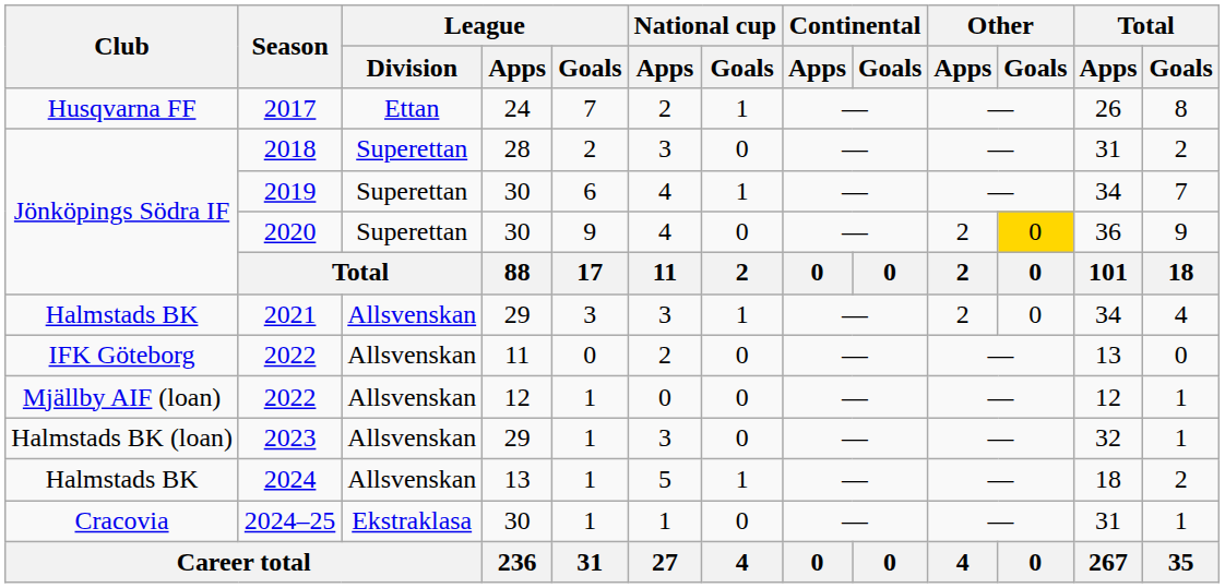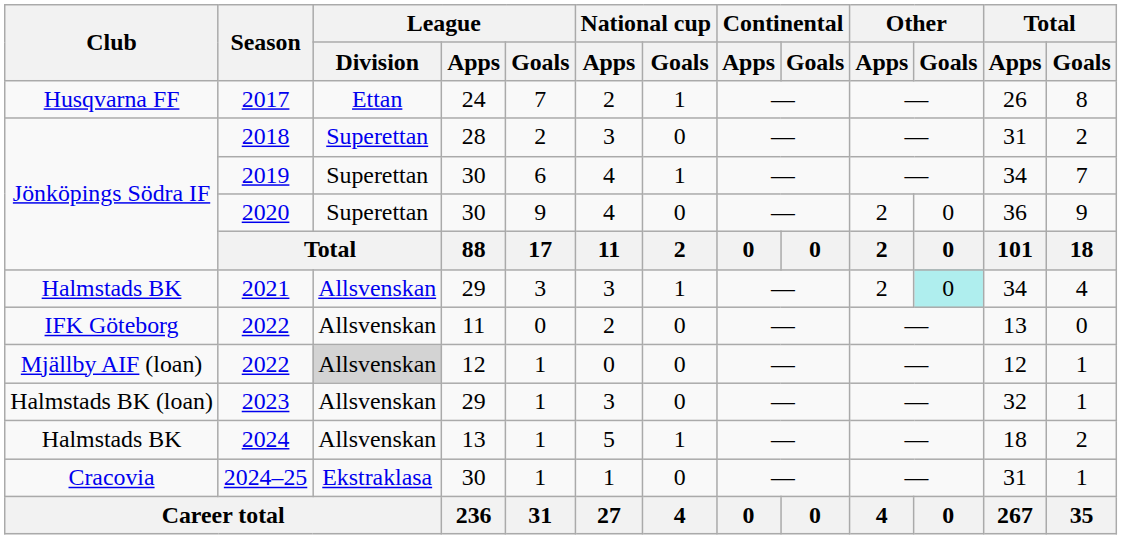 <table class="wikitable" Style="text-align: center">
 <tr>
 <th rowspan="2">Club</th>
 <th rowspan="2">Season</th>
 <th colspan="3">League</th>
 <th colspan="2">National cup</th>
 <th colspan="2">Continental</th>
 <th colspan="2">Other</th>
 <th colspan="2">Total</th>
 </tr>
 <tr>
 <th>Division</th>
 <th>Apps</th>
 <th>Goals</th>
 <th>Apps</th>
 <th>Goals</th>
 <th>Apps</th>
 <th>Goals</th>
 <th>Apps</th>
 <th>Goals</th>
 <th>Apps</th>
 <th>Goals</th>
 </tr>
 <tr>
 <td><a href='#'>Husqvarna FF</a></td>
 <td><a href='#'>2017</a></td>
 <td><a href='#'>Ettan</a></td>
 <td>24</td>
 <td>7</td>
 <td>2</td>
 <td>1</td>
 <td colspan="2">—</td>
 <td colspan="2">—</td>
 <td>26</td>
 <td>8</td>
 </tr>
 <tr>
 <td rowspan="4"><a href='#'>Jönköpings Södra IF</a></td>
 <td><a href='#'>2018</a></td>
 <td><a href='#'>Superettan</a></td>
 <td>28</td>
 <td>2</td>
 <td>3</td>
 <td>0</td>
 <td colspan="2">—</td>
 <td colspan="2">—</td>
 <td>31</td>
 <td>2</td>
 </tr>
 <tr>
 <td><a href='#'>2019</a></td>
 <td>Superettan</td>
 <td>30</td>
 <td>6</td>
 <td>4</td>
 <td>1</td>
 <td colspan="2">—</td>
 <td colspan="2">—</td>
 <td>34</td>
 <td>7</td>
 </tr>
 <tr>
 <td><a href='#'>2020</a></td>
 <td>Superettan</td>
 <td>30</td>
 <td>9</td>
 <td>4</td>
 <td>0</td>
 <td colspan="2">—</td>
 <td>2</td>
-<td style="background: gold;">0</td>
+<td>0</td>
 <td>36</td>
 <td>9</td>
 </tr>
 <tr>
 <th colspan="2">Total</th>
 <th>88</th>
 <th>17</th>
 <th>11</th>
 <th>2</th>
 <th>0</th>
 <th>0</th>
 <th>2</th>
 <th>0</th>
 <th>101</th>
 <th>18</th>
 </tr>
 <tr>
 <td rowspan="1"><a href='#'>Halmstads BK</a></td>
 <td><a href='#'>2021</a></td>
 <td><a href='#'>Allsvenskan</a></td>
 <td>29</td>
 <td>3</td>
 <td>3</td>
 <td>1</td>
 <td colspan="2">—</td>
 <td>2</td>
-<td>0</td>
+<td style="background: paleturquoise;">0</td>
 <td>34</td>
 <td>4</td>
 </tr>
 <tr>
 <td><a href='#'>IFK Göteborg</a></td>
 <td><a href='#'>2022</a></td>
 <td>Allsvenskan</td>
 <td>11</td>
 <td>0</td>
 <td>2</td>
 <td>0</td>
 <td colspan="2">—</td>
 <td colspan="2">—</td>
 <td>13</td>
 <td>0</td>
 </tr>
 <tr>
 <td rowspan="1"><a href='#'>Mjällby AIF</a> (loan)</td>
 <td><a href='#'>2022</a></td>
-<td>Allsvenskan</td>
+<td style="background: lightgrey;">Allsvenskan</td>
 <td>12</td>
 <td>1</td>
 <td>0</td>
 <td>0</td>
 <td colspan="2">—</td>
 <td colspan="2">—</td>
 <td>12</td>
 <td>1</td>
 </tr>
 <tr>
 <td>Halmstads BK (loan)</td>
 <td><a href='#'>2023</a></td>
 <td>Allsvenskan</td>
 <td>29</td>
 <td>1</td>
 <td>3</td>
 <td>0</td>
 <td colspan="2">—</td>
 <td colspan="2">—</td>
 <td>32</td>
 <td>1</td>
 </tr>
 <tr>
 <td>Halmstads BK</td>
 <td><a href='#'>2024</a></td>
 <td>Allsvenskan</td>
 <td>13</td>
 <td>1</td>
 <td>5</td>
 <td>1</td>
 <td colspan="2">—</td>
 <td colspan="2">—</td>
 <td>18</td>
 <td>2</td>
 </tr>
 <tr>
 <td><a href='#'>Cracovia</a></td>
 <td><a href='#'>2024–25</a></td>
 <td><a href='#'>Ekstraklasa</a></td>
 <td>30</td>
 <td>1</td>
 <td>1</td>
 <td>0</td>
 <td colspan="2">—</td>
 <td colspan="2">—</td>
 <td>31</td>
 <td>1</td>
 </tr>
 <tr>
 <th colspan="3">Career total</th>
 <th>236</th>
 <th>31</th>
 <th>27</th>
 <th>4</th>
 <th>0</th>
 <th>0</th>
 <th>4</th>
 <th>0</th>
 <th>267</th>
 <th>35</th>
 </tr>
 </table>
